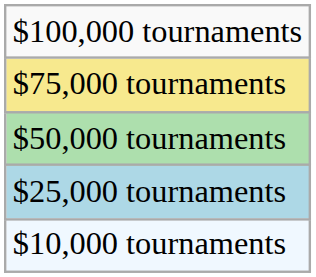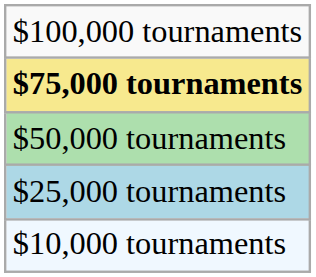 <table class="wikitable" style="font-size:85%">
 <tr>
 <td>$100,000 tournaments</td>
 </tr>
 <tr style="background:#f7e98e;">
-<td>$75,000 tournaments</td>
+<td><strong>$75,000 tournaments</strong></td>
 </tr>
 <tr style="background:#addfad;">
 <td>$50,000 tournaments</td>
 </tr>
 <tr style="background:lightblue;">
 <td>$25,000 tournaments</td>
 </tr>
 <tr style="background:#f0f8ff;">
 <td>$10,000 tournaments</td>
 </tr>
 </table>
